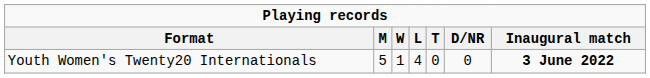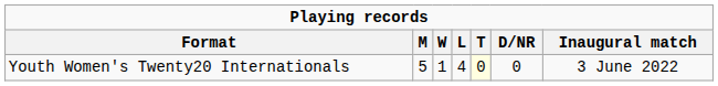 <table class="wikitable" style="text-align: center; width: 600px">
 <tr>
 <td colspan="8" align="center"><strong>Playing records</strong></td>
 </tr>
 <tr>
 <th>Format</th>
 <th>M</th>
 <th>W</th>
 <th>L</th>
 <th>T</th>
 <th>D/NR</th>
 <th>Inaugural match</th>
 </tr>
 <tr>
 <td align="left">Youth Women's Twenty20 Internationals</td>
 <td>5</td>
 <td>1</td>
 <td>4</td>
+<td style="background: lightyellow;">0</td>
 <td>0</td>
-<td>0</td>
-<td><strong>3 June 2022</strong></td>
+<td>3 June 2022</td>
 </tr>
 </table>
